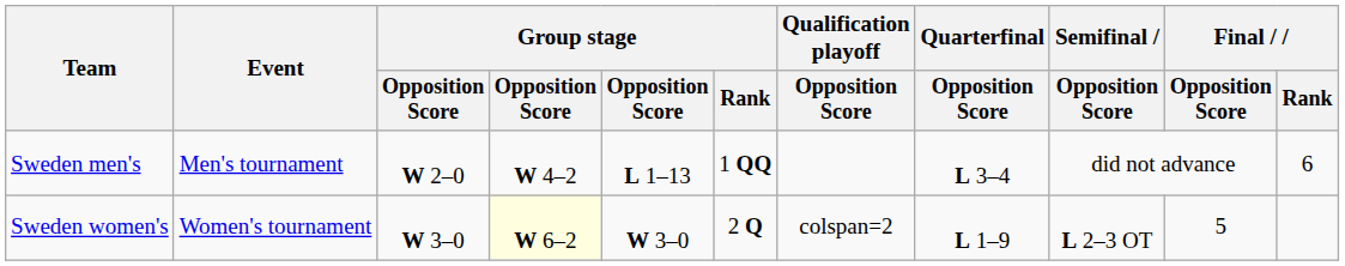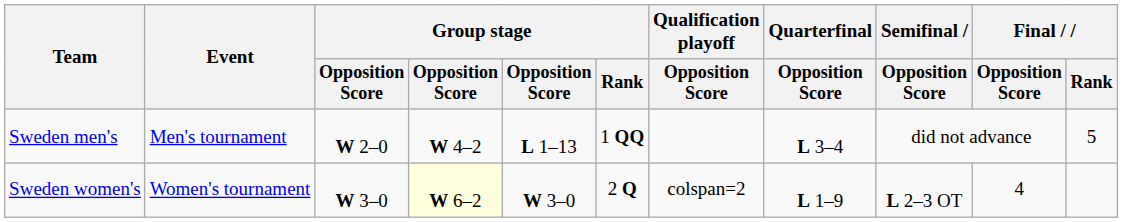 <table class="wikitable" style="font-size:90%">
 <tr>
 <th rowspan=2>Team</th>
 <th rowspan=2>Event</th>
 <th colspan=4>Group stage</th>
 <th>Qualification<br>playoff</th>
 <th>Quarterfinal</th>
 <th>Semifinal / </th>
 <th colspan=2>Final /  / </th>
 </tr>
 <tr style="font-size:95%">
 <th>Opposition<br>Score</th>
 <th>Opposition<br>Score</th>
 <th>Opposition<br>Score</th>
 <th>Rank</th>
 <th>Opposition<br>Score</th>
 <th>Opposition<br>Score</th>
 <th>Opposition<br>Score</th>
 <th>Opposition<br>Score</th>
 <th>Rank</th>
 </tr>
 <tr align=center>
 <td align=left><a href='#'>Sweden men's</a></td>
 <td align=left><a href='#'>Men's tournament</a></td>
 <td><br><strong>W</strong> 2–0</td>
 <td><br><strong>W</strong> 4–2</td>
 <td><br> <strong>L</strong> 1–13</td>
 <td>1 <strong>QQ</strong></td>
 <td></td>
 <td><br> <strong>L</strong> 3–4</td>
 <td colspan=2>did not advance</td>
-<td>6</td>
+<td>5</td>
 </tr>
 <tr align=center>
 <td align=left><a href='#'>Sweden women's</a></td>
 <td align=left><a href='#'>Women's tournament</a></td>
 <td><br> <strong>W</strong> 3–0</td>
 <td style="background: lightyellow;"><br> <strong>W</strong> 6–2</td>
 <td><br><strong>W</strong> 3–0</td>
 <td>2 <strong>Q</strong></td>
 <td>colspan=2 </td>
 <td><br> <strong>L</strong> 1–9</td>
 <td><br> <strong>L</strong> 2–3 OT</td>
-<td>5</td>
+<td>4</td>
 </tr>
 </table>
